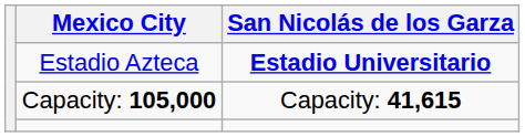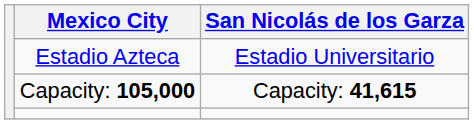 <table class="wikitable" style="text-align:center">
 <tr>
 <th rowspan="4"></th>
 <th><a href='#'>Mexico City</a></th>
 <th><a href='#'>San Nicolás de los Garza</a></th>
 </tr>
 <tr>
 <td><a href='#'>Estadio Azteca</a></td>
-<td><strong><a href='#'>Estadio Universitario</a></strong></td>
+<td><a href='#'>Estadio Universitario</a></td>
 </tr>
 <tr>
 <td>Capacity: <strong>105,000</strong></td>
 <td>Capacity: <strong>41,615</strong></td>
 </tr>
 <tr>
 <td></td>
 <td></td>
 </tr>
 </table>
